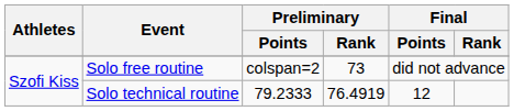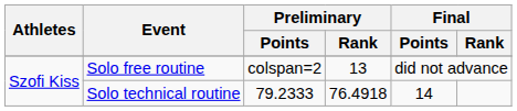 <table class="wikitable" border="1" style="font-size:90%; text-align:center">
 <tr>
 <th rowspan="2">Athletes</th>
 <th rowspan="2">Event</th>
 <th colspan="2">Preliminary</th>
 <th colspan="2">Final</th>
 </tr>
 <tr>
 <th>Points</th>
 <th>Rank</th>
 <th>Points</th>
 <th>Rank</th>
 </tr>
 <tr>
 </tr>
 <tr>
 <td rowspan="2" align=left><a href='#'>Szofi Kiss</a></td>
 <td align=left><a href='#'>Solo free routine</a></td>
 <td>colspan=2 </td>
-<td>73</td>
+<td>13</td>
 <td colspan=2>did not advance</td>
 </tr>
 <tr>
 <td align=left><a href='#'>Solo technical routine</a></td>
 <td>79.2333</td>
-<td>76.4919</td>
-<td>12</td>
+<td>76.4918</td>
+<td>14</td>
 </tr>
 </table>
